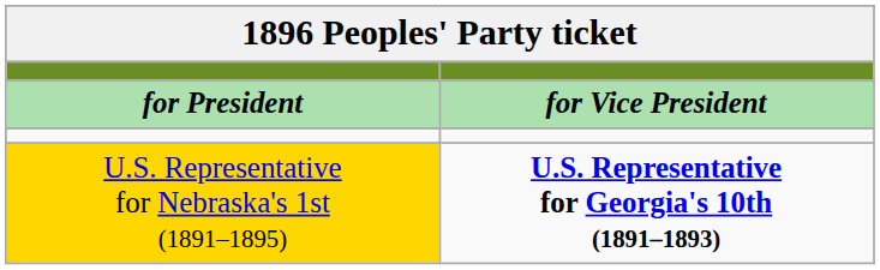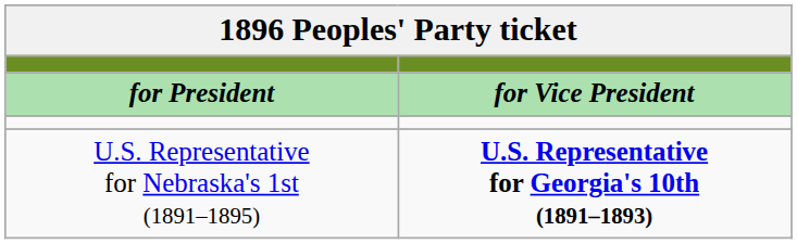 <table class="wikitable" style="font-size:90%; text-align:center;">
 <tr>
 <td style="background:#f1f1f1;" colspan="2"><big><strong>1896 Peoples' Party ticket</strong></big></td>
 </tr>
 <tr>
 <th style="width:3em; font-size:135%; background:#6B8E23; width:200px;"><a href='#'></a></th>
 <th style="width:3em; font-size:135%; background:#6B8E23; width:200px;"><a href='#'></a></th>
 </tr>
 <tr style="color:#000; font-size:100%; background:#ACE1AF;">
 <td style="width:3em; width:200px;"><strong><em>for President</em></strong></td>
 <td style="width:3em; width:200px;"><strong><em>for Vice President</em></strong></td>
 </tr>
 <tr>
 <td></td>
 <td></td>
 </tr>
 <tr>
-<td style="background: gold;"><a href='#'>U.S. Representative</a><br>for <a href='#'>Nebraska's 1st</a><br><small>(1891–1895)</small></td>
+<td><a href='#'>U.S. Representative</a><br>for <a href='#'>Nebraska's 1st</a><br><small>(1891–1895)</small></td>
 <td><strong><a href='#'>U.S. Representative</a><br>for <a href='#'>Georgia's 10th</a><br><small>(1891–1893)</small></strong></td>
 </tr>
 </table>
